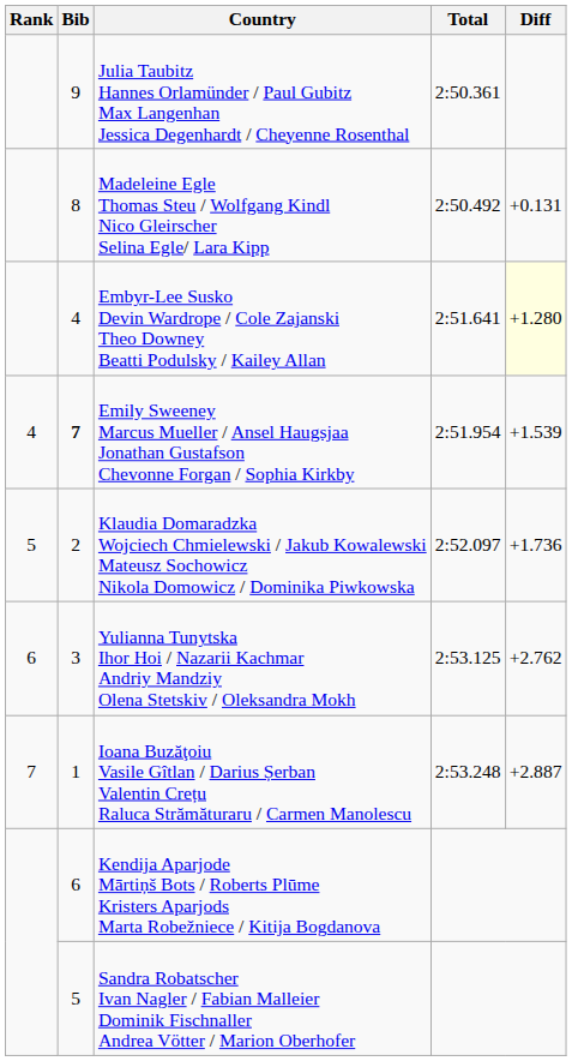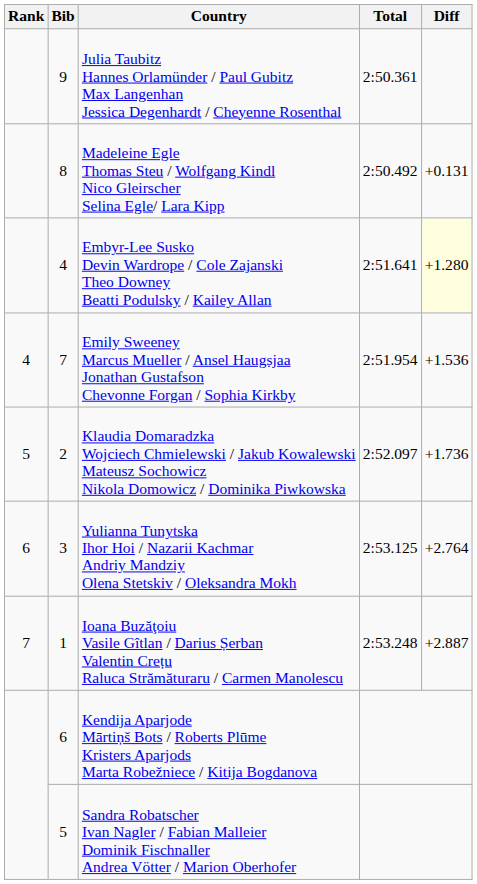 <table class="wikitable sortable" style="text-align:center">
 <tr>
 <th>Rank</th>
 <th>Bib</th>
 <th>Country</th>
 <th>Total</th>
 <th>Diff</th>
 </tr>
 <tr>
 <td></td>
 <td>9</td>
 <td align=left><br><a href='#'>Julia Taubitz</a><br><a href='#'>Hannes Orlamünder</a> / <a href='#'>Paul Gubitz</a><br><a href='#'>Max Langenhan</a><br><a href='#'>Jessica Degenhardt</a> / <a href='#'>Cheyenne Rosenthal</a></td>
 <td>2:50.361</td>
 <td></td>
 </tr>
 <tr>
 <td></td>
 <td>8</td>
 <td align=left><br><a href='#'>Madeleine Egle</a><br><a href='#'>Thomas Steu</a> / <a href='#'>Wolfgang Kindl</a><br><a href='#'>Nico Gleirscher</a><br><a href='#'>Selina Egle</a>/ <a href='#'>Lara Kipp</a></td>
 <td>2:50.492</td>
 <td>+0.131</td>
 </tr>
 <tr>
 <td></td>
 <td>4</td>
 <td align=left><br><a href='#'>Embyr-Lee Susko</a><br><a href='#'>Devin Wardrope</a> / <a href='#'>Cole Zajanski</a><br><a href='#'>Theo Downey</a><br><a href='#'>Beatti Podulsky</a> / <a href='#'>Kailey Allan</a></td>
 <td>2:51.641</td>
 <td style="background: lightyellow;">+1.280</td>
 </tr>
 <tr>
 <td>4</td>
-<td><strong>7</strong></td>
+<td>7</td>
 <td align=left><br><a href='#'>Emily Sweeney</a><br><a href='#'>Marcus Mueller</a> / <a href='#'>Ansel Haugsjaa</a><br><a href='#'>Jonathan Gustafson</a><br><a href='#'>Chevonne Forgan</a> / <a href='#'>Sophia Kirkby</a></td>
 <td>2:51.954</td>
-<td>+1.539</td>
+<td>+1.536</td>
 </tr>
 <tr>
 <td>5</td>
 <td>2</td>
 <td align=left><br><a href='#'>Klaudia Domaradzka</a><br><a href='#'>Wojciech Chmielewski</a> / <a href='#'>Jakub Kowalewski</a><br><a href='#'>Mateusz Sochowicz</a><br><a href='#'>Nikola Domowicz</a> / <a href='#'>Dominika Piwkowska</a></td>
 <td>2:52.097</td>
 <td>+1.736</td>
 </tr>
 <tr>
 <td>6</td>
 <td>3</td>
 <td align=left><br><a href='#'>Yulianna Tunytska</a><br><a href='#'>Ihor Hoi</a> / <a href='#'>Nazarii Kachmar</a><br><a href='#'>Andriy Mandziy</a><br><a href='#'>Olena Stetskiv</a> / <a href='#'>Oleksandra Mokh</a></td>
 <td>2:53.125</td>
-<td>+2.762</td>
+<td>+2.764</td>
 </tr>
 <tr>
 <td>7</td>
 <td>1</td>
 <td align=left><br><a href='#'>Ioana Buzăţoiu</a><br><a href='#'>Vasile Gîtlan</a> / <a href='#'>Darius Șerban</a><br><a href='#'>Valentin Crețu</a><br><a href='#'>Raluca Strămăturaru</a> / <a href='#'>Carmen Manolescu</a></td>
 <td>2:53.248</td>
 <td>+2.887</td>
 </tr>
 <tr>
 <td rowspan=2></td>
 <td>6</td>
 <td align=left><br><a href='#'>Kendija Aparjode</a><br><a href='#'>Mārtiņš Bots</a> / <a href='#'>Roberts Plūme</a><br><a href='#'>Kristers Aparjods</a><br><a href='#'>Marta Robežniece</a> / <a href='#'>Kitija Bogdanova</a></td>
 <td colspan=2></td>
 </tr>
 <tr>
 <td>5</td>
 <td align=left><br><a href='#'>Sandra Robatscher</a><br><a href='#'>Ivan Nagler</a> / <a href='#'>Fabian Malleier</a><br><a href='#'>Dominik Fischnaller</a><br><a href='#'>Andrea Vötter</a> / <a href='#'>Marion Oberhofer</a></td>
 <td colspan=2></td>
 </tr>
 </table>
